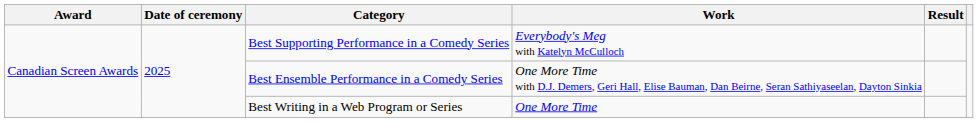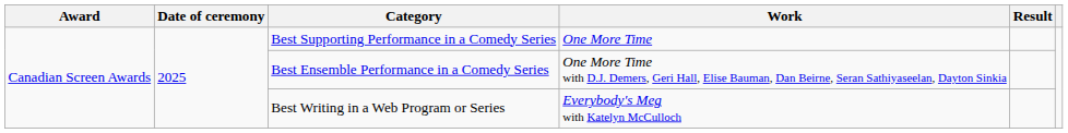 <table class="wikitable sortable plainrowheaders">
 <tr>
 <th scope="col">Award</th>
 <th scope="col">Date of ceremony</th>
 <th scope="col">Category</th>
 <th scope="col">Work</th>
 <th scope="col">Result</th>
 <th scope="col" class="unsortable"></th>
 </tr>
 <tr>
 <td rowspan=3><a href='#'>Canadian Screen Awards</a></td>
 <td rowspan=3><a href='#'>2025</a></td>
 <td><a href='#'>Best Supporting Performance in a Comedy Series</a></td>
-<td><em><a href='#'>Everybody's Meg</a></em><br><small>with <a href='#'>Katelyn McCulloch</a></small></td>
+<td><em><a href='#'>One More Time</a></em></td>
 <td></td>
 <td rowspan=3></td>
 </tr>
 <tr>
 <td><a href='#'>Best Ensemble Performance in a Comedy Series</a></td>
 <td><em>One More Time</em><br><small>with <a href='#'>D.J. Demers</a>, <a href='#'>Geri Hall</a>, <a href='#'>Elise Bauman</a>, <a href='#'>Dan Beirne</a>, <a href='#'>Seran Sathiyaseelan</a>, <a href='#'>Dayton Sinkia</a></small></td>
 <td></td>
 </tr>
 <tr>
 <td>Best Writing in a Web Program or Series</td>
-<td><em><a href='#'>One More Time</a></em></td>
+<td><em><a href='#'>Everybody's Meg</a></em><br><small>with <a href='#'>Katelyn McCulloch</a></small></td>
 <td></td>
 </tr>
 </table>
